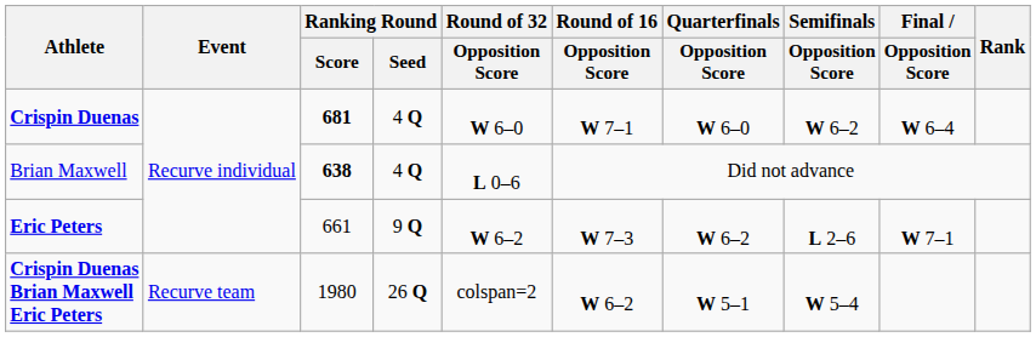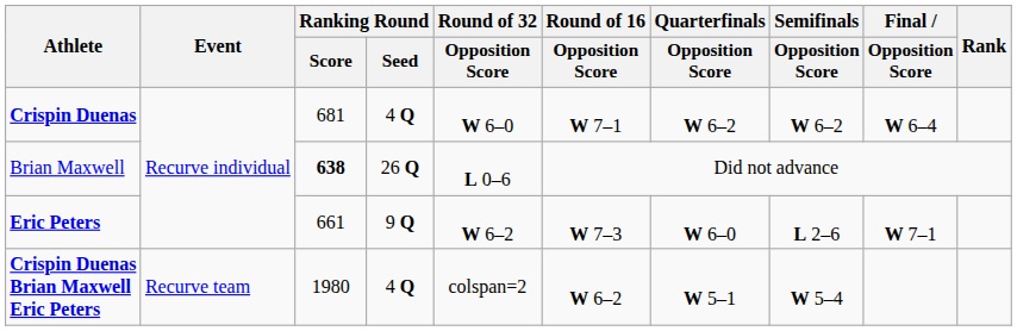 <table class="wikitable" style="font-size:90%">
 <tr>
 <th rowspan="2">Athlete</th>
 <th rowspan="2">Event</th>
 <th colspan="2">Ranking Round</th>
 <th>Round of 32</th>
 <th>Round of 16</th>
 <th>Quarterfinals</th>
 <th>Semifinals</th>
 <th>Final / </th>
 <th rowspan="2">Rank</th>
 </tr>
 <tr style="font-size:95%">
 <th>Score</th>
 <th>Seed</th>
 <th>Opposition<br>Score</th>
 <th>Opposition<br>Score</th>
 <th>Opposition<br>Score</th>
 <th>Opposition<br>Score</th>
 <th>Opposition<br>Score</th>
 </tr>
 <tr align=center>
 <td align=left><strong><a href='#'>Crispin Duenas</a></strong></td>
 <td align=left rowspan=3><a href='#'>Recurve individual</a></td>
-<td><strong>681</strong></td>
+<td>681</td>
 <td>4 <strong>Q</strong></td>
 <td><br><strong>W</strong> 6–0</td>
 <td><br><strong>W</strong> 7–1</td>
-<td><br><strong>W</strong> 6–0</td>
+<td><br><strong>W</strong> 6–2</td>
 <td><br><strong>W</strong> 6–2</td>
 <td><br><strong>W</strong> 6–4</td>
 <td></td>
 </tr>
 <tr align=center>
 <td align=left><a href='#'>Brian Maxwell</a></td>
 <td><strong>638</strong></td>
-<td>4 <strong>Q</strong></td>
+<td>26 <strong>Q</strong></td>
 <td><br><strong>L</strong> 0–6</td>
 <td colspan=5>Did not advance</td>
 </tr>
 <tr align=center>
 <td align=left><strong><a href='#'>Eric Peters</a></strong></td>
 <td>661</td>
 <td>9 <strong>Q</strong></td>
 <td><br><strong>W</strong> 6–2</td>
 <td><br><strong>W</strong> 7–3</td>
-<td><br><strong>W</strong> 6–2</td>
+<td><br><strong>W</strong> 6–0</td>
 <td><br><strong>L</strong> 2–6</td>
 <td><br><strong>W</strong> 7–1</td>
 <td></td>
 </tr>
 <tr align=center>
 <td align=left><strong><a href='#'>Crispin Duenas</a><br><a href='#'>Brian Maxwell</a><br><a href='#'>Eric Peters</a></strong></td>
 <td align=left><a href='#'>Recurve team</a></td>
 <td>1980</td>
-<td>26 <strong>Q</strong></td>
+<td>4 <strong>Q</strong></td>
 <td>colspan=2 </td>
 <td><br><strong>W</strong> 6–2</td>
 <td><br><strong>W</strong> 5–1</td>
 <td><br><strong>W</strong> 5–4</td>
 <td></td>
 </tr>
 </table>
